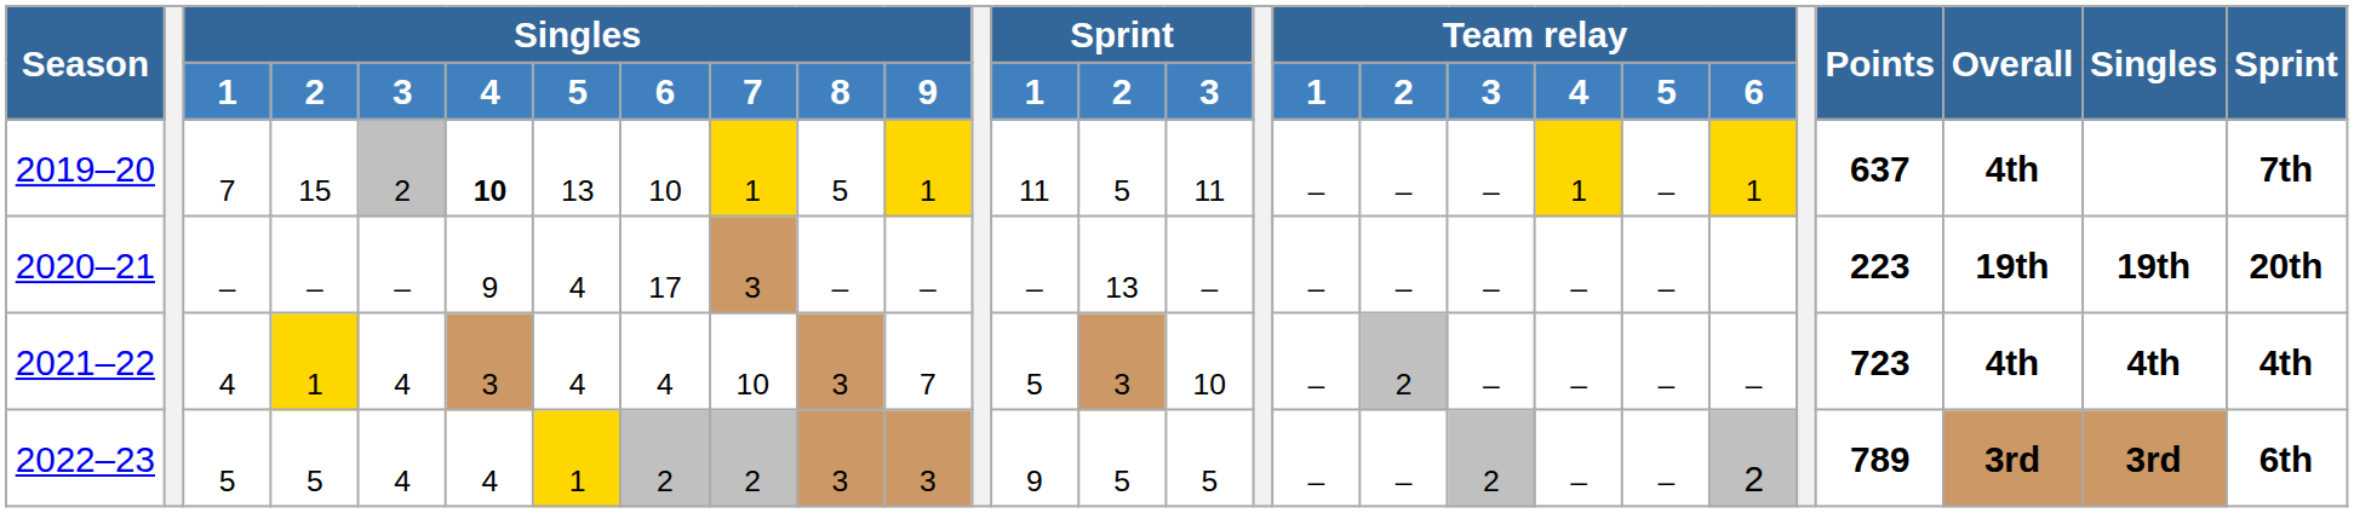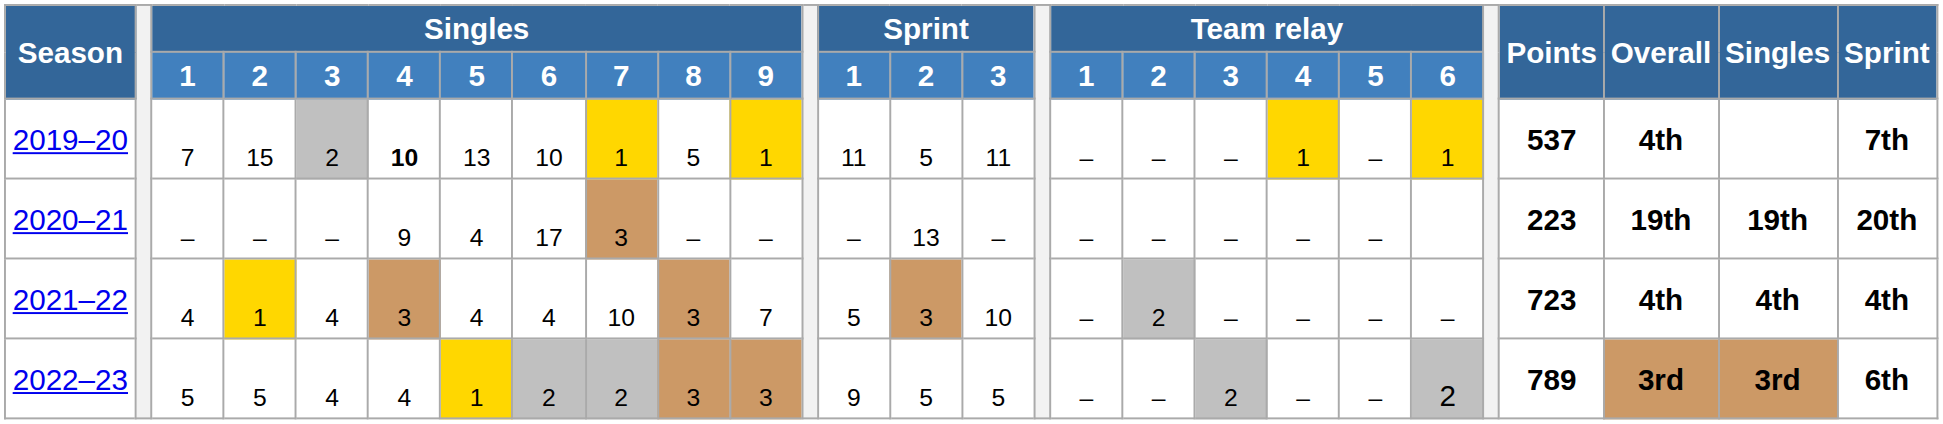 <table class="wikitable" style="font-size:95%; text-align:center; border:grey solid 1px; border-collapse:collapse; background:#ffffff;">
 <tr>
 <th rowspan="2" style="background-color:#369; color:white; width:60px">Season</th>
 <th rowspan="6" width="1px"></th>
 <th colspan="9" style="background-color:#369; color:white;">Singles</th>
 <th rowspan="6" width="1px"></th>
 <th colspan="3" style="background-color:#369; color:white;">Sprint</th>
 <th rowspan="6" width="1px"></th>
 <th colspan="6" style="background-color:#369; color:white;">Team relay</th>
 <th rowspan="6" width="1px"></th>
 <th rowspan="2" style="background-color:#369; color:white; width:40px">Points</th>
 <th rowspan="2" style="background-color:#369; color:white; width:40px">Overall</th>
 <th rowspan="2" style="background-color:#369; color:white; width:40px">Singles</th>
 <th rowspan="2" style="background-color:#369; color:white; width:40px">Sprint</th>
 </tr>
 <tr>
 <th style="background-color:#4180be; color:white; width:30px">1</th>
 <th style="background-color:#4180be; color:white; width:30px">2</th>
 <th style="background-color:#4180be; color:white; width:30px">3</th>
 <th style="background-color:#4180be; color:white; width:30px">4</th>
 <th style="background-color:#4180be; color:white; width:30px">5</th>
 <th style="background-color:#4180be; color:white; width:30px">6</th>
 <th style="background-color:#4180be; color:white; width:30px">7</th>
 <th style="background-color:#4180be; color:white; width:30px">8</th>
 <th style="background-color:#4180be; color:white; width:30px">9</th>
 <th style="background-color:#4180be; color:white; width:30px">1</th>
 <th style="background-color:#4180be; color:white; width:30px">2</th>
 <th style="background-color:#4180be; color:white; width:30px">3</th>
 <th style="background-color:#4180be; color:white; width:30px">1</th>
 <th style="background-color:#4180be; color:white; width:30px">2</th>
 <th style="background-color:#4180be; color:white; width:30px">3</th>
 <th style="background-color:#4180be; color:white; width:30px">4</th>
 <th style="background-color:#4180be; color:white; width:30px">5</th>
 <th style="background-color:#4180be; color:white; width:30px">6</th>
 </tr>
 <tr>
 <td><a href='#'>2019–20</a></td>
 <td><br><small>7</small></td>
 <td><br><small>15</small></td>
 <td style="background:silver;"><br><small>2</small></td>
 <td><strong><br><small>10</small></strong></td>
 <td><br><small>13</small></td>
 <td><br><small>10</small></td>
 <td style="background:gold;"><br><small>1</small></td>
 <td><br><small>5</small></td>
 <td style="background:gold;"><br><small>1</small></td>
 <td><br><small>11</small></td>
 <td><br><small>5</small></td>
 <td><br><small>11</small></td>
 <td><br><small>–</small></td>
 <td><br><small>–</small></td>
 <td><br><small>–</small></td>
 <td style="background:gold;"><br><small>1</small></td>
 <td><br><small>–</small></td>
 <td style="background:gold;"><br><small>1</small></td>
-<td><strong>637</strong></td>
+<td><strong>537</strong></td>
 <td><strong>4th</strong></td>
 <td></td>
 <td><strong>7th</strong></td>
 </tr>
 <tr>
 <td><a href='#'>2020–21</a></td>
 <td><br><small>–</small></td>
 <td><br><small>–</small></td>
 <td><br><small>–</small></td>
 <td><br><small>9</small></td>
 <td><br><small>4</small></td>
 <td><br><small>17</small></td>
 <td style="background:#cc9966;"><br><small>3</small></td>
 <td><br><small>–</small></td>
 <td><br><small>–</small></td>
 <td><br><small>–</small></td>
 <td><br><small>13</small></td>
 <td><br><small>–</small></td>
 <td><br><small>–</small></td>
 <td><br><small>–</small></td>
 <td><br><small>–</small></td>
 <td><br><small>–</small></td>
 <td><br><small>–</small></td>
 <td><br><small></small></td>
 <td><strong>223</strong></td>
 <td><strong>19th</strong></td>
 <td><strong>19th</strong></td>
 <td><strong>20th</strong></td>
 </tr>
 <tr>
 <td><a href='#'>2021–22</a></td>
 <td><br><small>4</small></td>
 <td style="background:gold;"><br><small>1</small></td>
 <td><br><small>4</small></td>
 <td style="background:#cc9966;"><br><small>3</small></td>
 <td><br><small>4</small></td>
 <td><br><small>4</small></td>
 <td><br><small>10</small></td>
 <td style="background:#cc9966;"><br><small>3</small></td>
 <td><br><small>7</small></td>
 <td><br><small>5</small></td>
 <td style="background:#cc9966;"><br><small>3</small></td>
 <td><br><small>10</small></td>
 <td><br><small>–</small></td>
 <td style="background:silver;"><br><small>2</small></td>
 <td><br><small>–</small></td>
 <td><br><small>–</small></td>
 <td><br><small>–</small></td>
 <td><br><small>–</small></td>
 <td><strong>723</strong></td>
 <td><strong>4th</strong></td>
 <td><strong>4th</strong></td>
 <td><strong>4th</strong></td>
 </tr>
 <tr>
 <td><a href='#'>2022–23</a></td>
 <td><br><small>5</small></td>
 <td><br><small>5</small></td>
 <td><br><small>4</small></td>
 <td><br><small>4</small></td>
 <td style="background:gold;"><br><small>1</small></td>
 <td style="background:silver;"><br><small>2</small></td>
 <td style="background:silver;"><br><small>2</small></td>
 <td style="background:#cc9966;"><br><small>3</small></td>
 <td style="background:#cc9966;"><br><small>3</small></td>
 <td><br><small>9</small></td>
 <td><br><small>5</small></td>
 <td><br><small>5 </small></td>
 <td><br><small>–</small></td>
 <td><br><small>–</small></td>
 <td style="background:silver;"><br><small>2</small></td>
 <td><br><small>–</small></td>
 <td><br><small>– </small></td>
 <td style="background:silver;"><br>2<small> </small></td>
 <td><strong>789</strong></td>
 <td style="background:#cc9966;"><strong>3rd</strong></td>
 <td style="background:#cc9966;"><strong>3rd</strong></td>
 <td><strong>6th</strong></td>
 </tr>
 </table>
